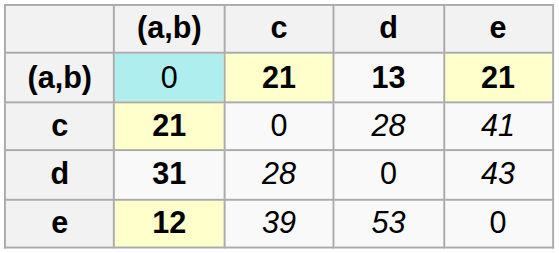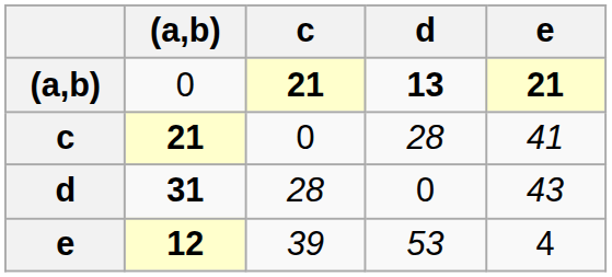 <table class="wikitable" style="text-align: center">
 <tr>
 <th style="width: 50px;"></th>
 <th style="width: 50px;">(a,b)</th>
 <th style="width: 50px;">c</th>
 <th style="width: 50px;">d</th>
 <th style="width: 50px;">e</th>
 </tr>
 <tr>
 <th>(a,b)</th>
-<td style="background: paleturquoise;">0</td>
+<td>0</td>
 <td style=background:#ffffcc;><strong>21</strong></td>
 <td><strong>13</strong></td>
 <td style=background:#ffffcc;><strong>21</strong></td>
 </tr>
 <tr>
 <th>c</th>
 <td style=background:#ffffcc;><strong>21</strong></td>
 <td>0</td>
 <td><em>28</em></td>
 <td><em>41</em></td>
 </tr>
 <tr>
 <th>d</th>
 <td><strong>31</strong></td>
 <td><em>28</em></td>
 <td>0</td>
 <td><em>43</em></td>
 </tr>
 <tr>
 <th>e</th>
 <td style=background:#ffffcc;><strong>12</strong></td>
 <td><em>39</em></td>
 <td><em>53</em></td>
-<td>0</td>
+<td>4</td>
 </tr>
 </table>
